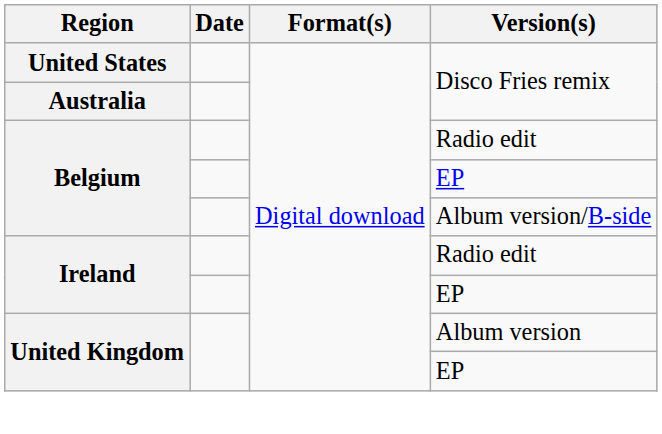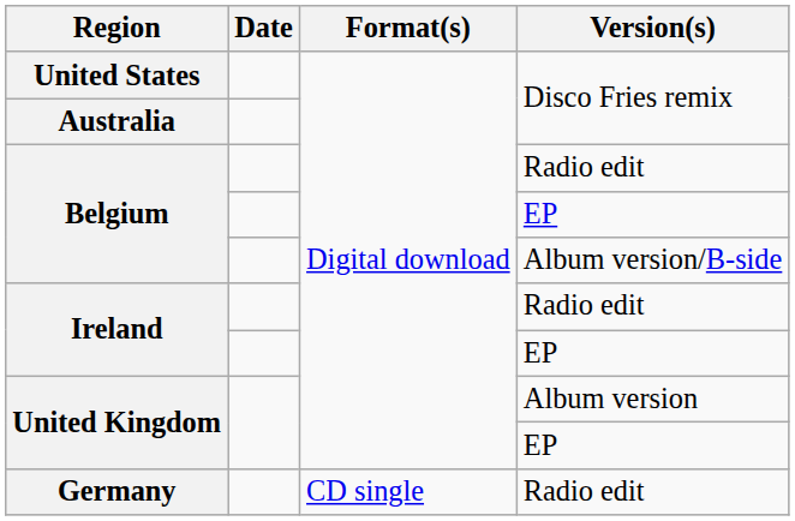 <table class="wikitable plainrowheaders sortable">
 <tr>
 <th>Region</th>
 <th>Date</th>
 <th>Format(s)</th>
 <th>Version(s)</th>
 </tr>
 <tr>
 <th scope="row" rowspan="1">United States</th>
 <td></td>
 <td rowspan="9"><a href='#'>Digital download</a></td>
 <td rowspan="2">Disco Fries remix</td>
 </tr>
 <tr>
 <th scope="row">Australia</th>
 <td></td>
 </tr>
 <tr>
 <th scope="row" rowspan="3">Belgium</th>
 <td></td>
 <td>Radio edit</td>
 </tr>
 <tr>
 <td></td>
 <td><a href='#'>EP</a></td>
 </tr>
 <tr>
 <td></td>
 <td>Album version/<a href='#'>B-side</a></td>
 </tr>
 <tr>
 <th scope="row" rowspan="2">Ireland</th>
 <td><br></td>
 <td>Radio edit</td>
 </tr>
 <tr>
 <td></td>
 <td>EP</td>
 </tr>
 <tr>
 <th scope="row" rowspan="2">United Kingdom</th>
 <td rowspan="2"></td>
 <td>Album version</td>
 </tr>
 <tr>
 <td>EP</td>
 </tr>
+<tr>
+<th scope="row">Germany</th>
+<td></td>
+<td><a href='#'>CD single</a></td>
+<td>Radio edit</td>
+</tr>
 </table>
